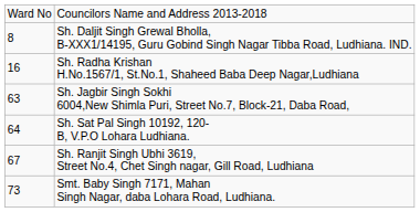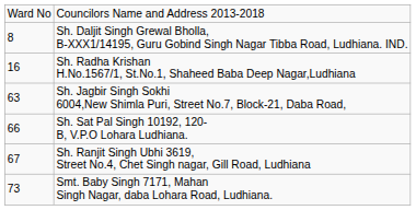 <table class="wikitable">
 <tr>
 <td>Ward No</td>
 <td>Councilors Name  and Address 2013-2018</td>
 </tr>
 <tr>
 <td>8</td>
 <td>Sh. Daljit Singh Grewal Bholla,<br>B-XXX1/14195, Guru Gobind Singh Nagar Tibba Road, Ludhiana. IND.</td>
 </tr>
 <tr>
 <td>16</td>
 <td>Sh.  Radha Krishan<br>H.No.1567/1, St.No.1, Shaheed Baba Deep Nagar,Ludhiana</td>
 </tr>
 <tr>
 <td>63</td>
 <td>Sh.  Jagbir Singh Sokhi<br>6004,New Shimla Puri, Street No.7, Block-21, Daba Road,</td>
 </tr>
 <tr>
-<td>64</td>
+<td>66</td>
 <td>Sh.  Sat Pal Singh 10192, 120-<br>B, V.P.O Lohara Ludhiana.</td>
 </tr>
 <tr>
 <td>67</td>
 <td>Sh.  Ranjit Singh Ubhi 3619,<br>Street No.4, Chet Singh nagar, Gill Road, Ludhiana</td>
 </tr>
 <tr>
 <td>73</td>
 <td>Smt.  Baby Singh 7171, Mahan<br>Singh Nagar, daba Lohara Road, Ludhiana.</td>
 </tr>
 </table>
